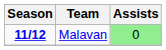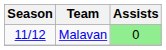 <table class="wikitable" style="text-align: center;">
 <tr>
 <th>Season</th>
 <th>Team</th>
 <th>Assists</th>
 </tr>
 <tr>
-<td><strong><a href='#'>11/12</a></strong></td>
+<td><a href='#'>11/12</a></td>
 <td align="left"><a href='#'>Malavan</a></td>
 <td style="background: lightgreen;">0</td>
 </tr>
 <tr>
 </tr>
 </table>
